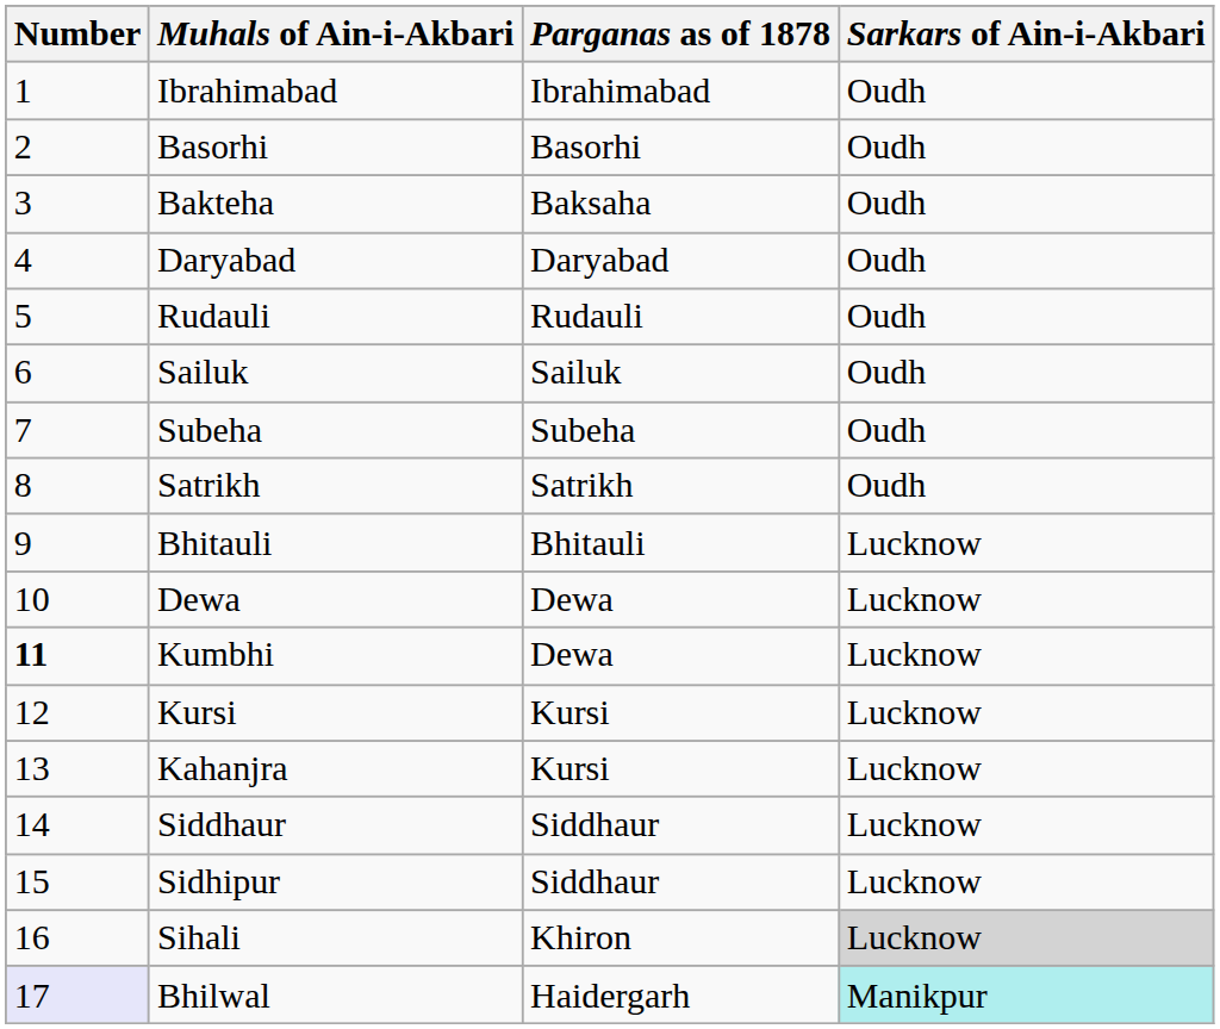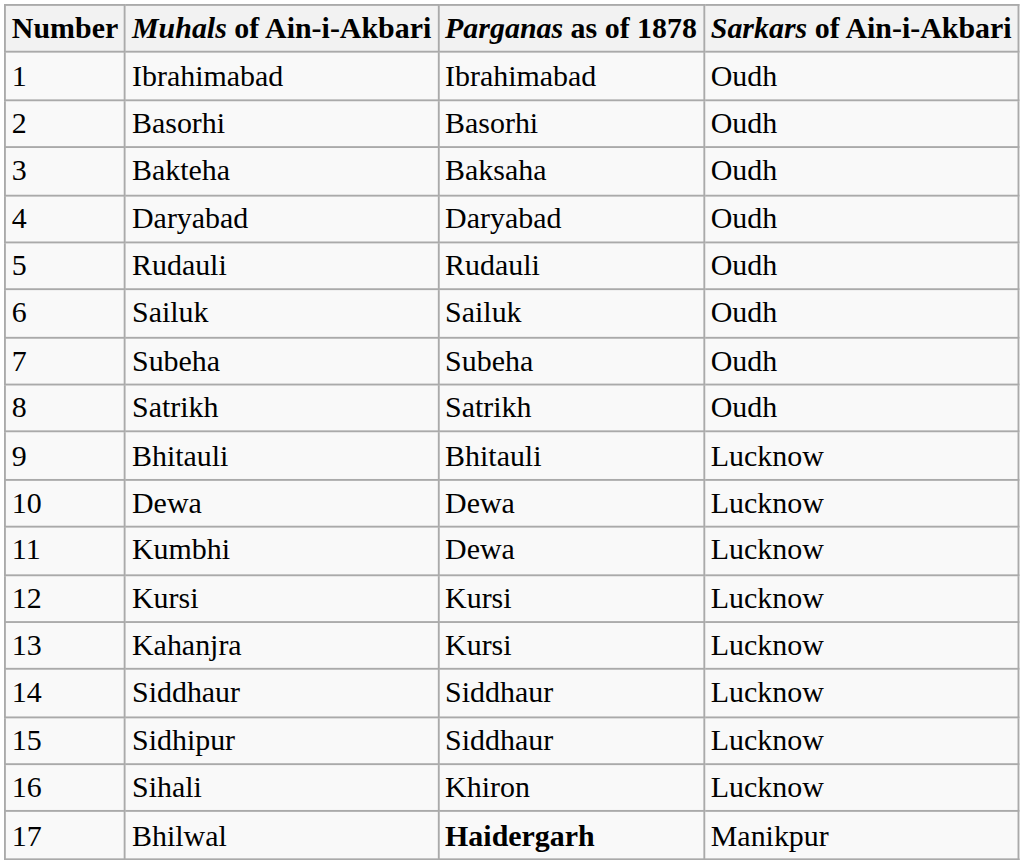 <table class="wikitable">
 <tr>
 <th>Number</th>
 <th><em>Muhals</em> of Ain-i-Akbari</th>
 <th><em>Parganas</em> as of 1878</th>
 <th><em>Sarkars</em> of Ain-i-Akbari</th>
 </tr>
 <tr>
 <td>1</td>
 <td>Ibrahimabad</td>
 <td>Ibrahimabad</td>
 <td>Oudh</td>
 </tr>
 <tr>
 <td>2</td>
 <td>Basorhi</td>
 <td>Basorhi</td>
 <td>Oudh</td>
 </tr>
 <tr>
 <td>3</td>
 <td>Bakteha</td>
 <td>Baksaha</td>
 <td>Oudh</td>
 </tr>
 <tr>
 <td>4</td>
 <td>Daryabad</td>
 <td>Daryabad</td>
 <td>Oudh</td>
 </tr>
 <tr>
 <td>5</td>
 <td>Rudauli</td>
 <td>Rudauli</td>
 <td>Oudh</td>
 </tr>
 <tr>
 <td>6</td>
 <td>Sailuk</td>
 <td>Sailuk</td>
 <td>Oudh</td>
 </tr>
 <tr>
 <td>7</td>
 <td>Subeha</td>
 <td>Subeha</td>
 <td>Oudh</td>
 </tr>
 <tr>
 <td>8</td>
 <td>Satrikh</td>
 <td>Satrikh</td>
 <td>Oudh</td>
 </tr>
 <tr>
 <td>9</td>
 <td>Bhitauli</td>
 <td>Bhitauli</td>
 <td>Lucknow</td>
 </tr>
 <tr>
 <td>10</td>
 <td>Dewa</td>
 <td>Dewa</td>
 <td>Lucknow</td>
 </tr>
 <tr>
-<td><strong>11</strong></td>
+<td>11</td>
 <td>Kumbhi</td>
 <td>Dewa</td>
 <td>Lucknow</td>
 </tr>
 <tr>
 <td>12</td>
 <td>Kursi</td>
 <td>Kursi</td>
 <td>Lucknow</td>
 </tr>
 <tr>
 <td>13</td>
 <td>Kahanjra</td>
 <td>Kursi</td>
 <td>Lucknow</td>
 </tr>
 <tr>
 <td>14</td>
 <td>Siddhaur</td>
 <td>Siddhaur</td>
 <td>Lucknow</td>
 </tr>
 <tr>
 <td>15</td>
 <td>Sidhipur</td>
 <td>Siddhaur</td>
 <td>Lucknow</td>
 </tr>
 <tr>
 <td>16</td>
 <td>Sihali</td>
 <td>Khiron</td>
-<td style="background: lightgrey;">Lucknow</td>
+<td>Lucknow</td>
 </tr>
 <tr>
-<td style="background: lavender;">17</td>
+<td>17</td>
 <td>Bhilwal</td>
-<td>Haidergarh</td>
-<td style="background: paleturquoise;">Manikpur</td>
+<td><strong>Haidergarh</strong></td>
+<td>Manikpur</td>
 </tr>
 <tr>
 </tr>
 </table>
